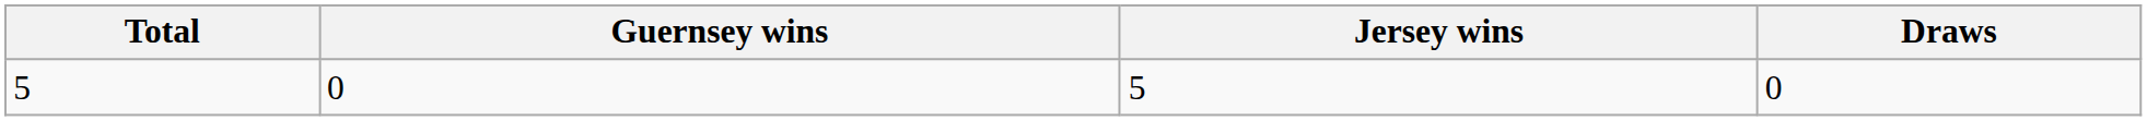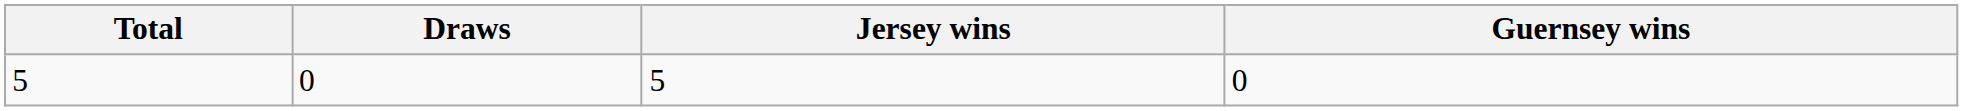 <table class="wikitable" style="width:50%;">
 <tr style="background:#efefef;">
 <th>Total</th>
+<th>Draws</th>
+<th>Jersey wins</th>
 <th>Guernsey wins</th>
-<th>Jersey wins</th>
-<th>Draws</th>
 </tr>
 <tr>
 <td>5</td>
 <td>0</td>
 <td>5</td>
 <td>0</td>
 </tr>
 </table>
